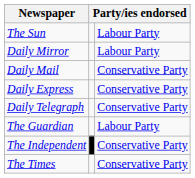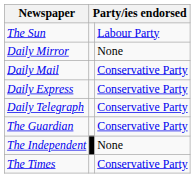 <table class="wikitable">
 <tr>
 <th>Newspaper</th>
 <th colspan=2>Party/ies endorsed</th>
 </tr>
 <tr>
 <td><em><a href='#'>The Sun</a></em></td>
 <td style="background-color: "></td>
 <td><a href='#'>Labour Party</a></td>
 </tr>
 <tr>
 <td><em><a href='#'>Daily Mirror</a></em></td>
 <td style="background-color: "></td>
-<td><a href='#'>Labour Party</a></td>
+<td>None</td>
 </tr>
 <tr>
 <td><em><a href='#'>Daily Mail</a></em></td>
 <td style="background-color: "></td>
 <td><a href='#'>Conservative Party</a></td>
 </tr>
 <tr>
 <td><em><a href='#'>Daily Express</a></em></td>
 <td style="background-color: "></td>
 <td><a href='#'>Conservative Party</a></td>
 </tr>
 <tr>
 <td><em><a href='#'>Daily Telegraph</a></em></td>
 <td style="background-color: "></td>
 <td><a href='#'>Conservative Party</a></td>
 </tr>
 <tr>
 <td><em><a href='#'>The Guardian</a></em></td>
 <td style="background-color: "></td>
-<td><a href='#'>Labour Party</a></td>
+<td><a href='#'>Conservative Party</a></td>
 </tr>
 <tr>
 <td><em><a href='#'>The Independent</a></em></td>
 <td style="background-color:black"></td>
-<td><a href='#'>Conservative Party</a></td>
+<td>None</td>
 </tr>
 <tr>
 <td><em><a href='#'>The Times</a></em></td>
 <td style="background-color: "></td>
 <td><a href='#'>Conservative Party</a></td>
 </tr>
 </table>
